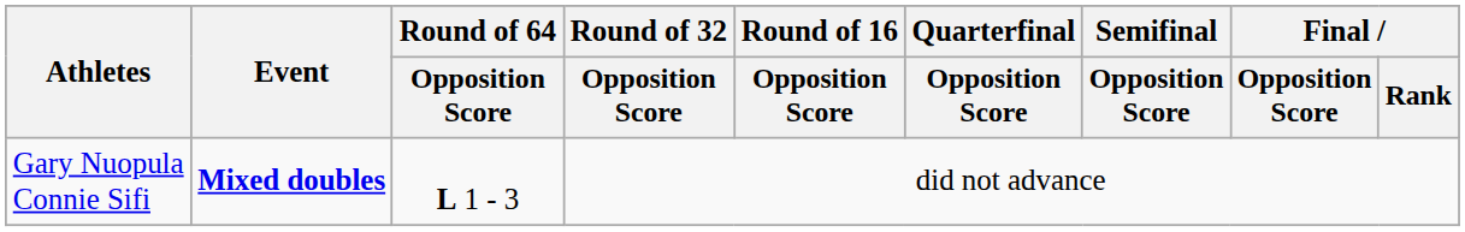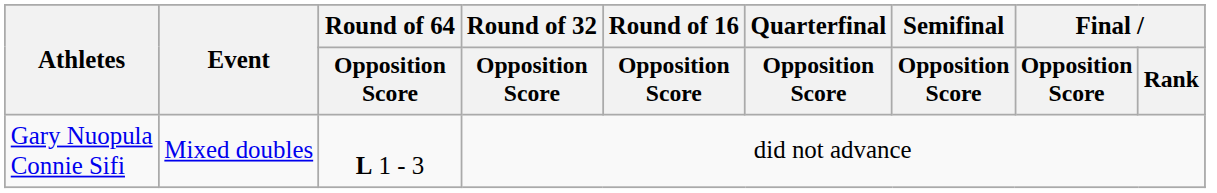 <table class=wikitable style=font-size:88%;text-align:center>
 <tr>
 <th rowspan=2>Athletes</th>
 <th rowspan=2>Event</th>
 <th>Round of 64</th>
 <th>Round of 32</th>
 <th>Round of 16</th>
 <th>Quarterfinal</th>
 <th>Semifinal</th>
 <th colspan=2>Final / </th>
 </tr>
 <tr style=font-size:95%>
 <th>Opposition<br>Score</th>
 <th>Opposition<br>Score</th>
 <th>Opposition<br>Score</th>
 <th>Opposition<br>Score</th>
 <th>Opposition<br>Score</th>
 <th>Opposition<br>Score</th>
 <th>Rank</th>
 </tr>
 <tr>
 <td align=left><a href='#'>Gary Nuopula</a><br><a href='#'>Connie Sifi</a></td>
-<td align=left><strong><a href='#'>Mixed doubles</a></strong></td>
+<td align=left><a href='#'>Mixed doubles</a></td>
 <td><br><strong>L</strong> 1 - 3</td>
 <td colspan=6>did not advance</td>
 </tr>
 </table>
